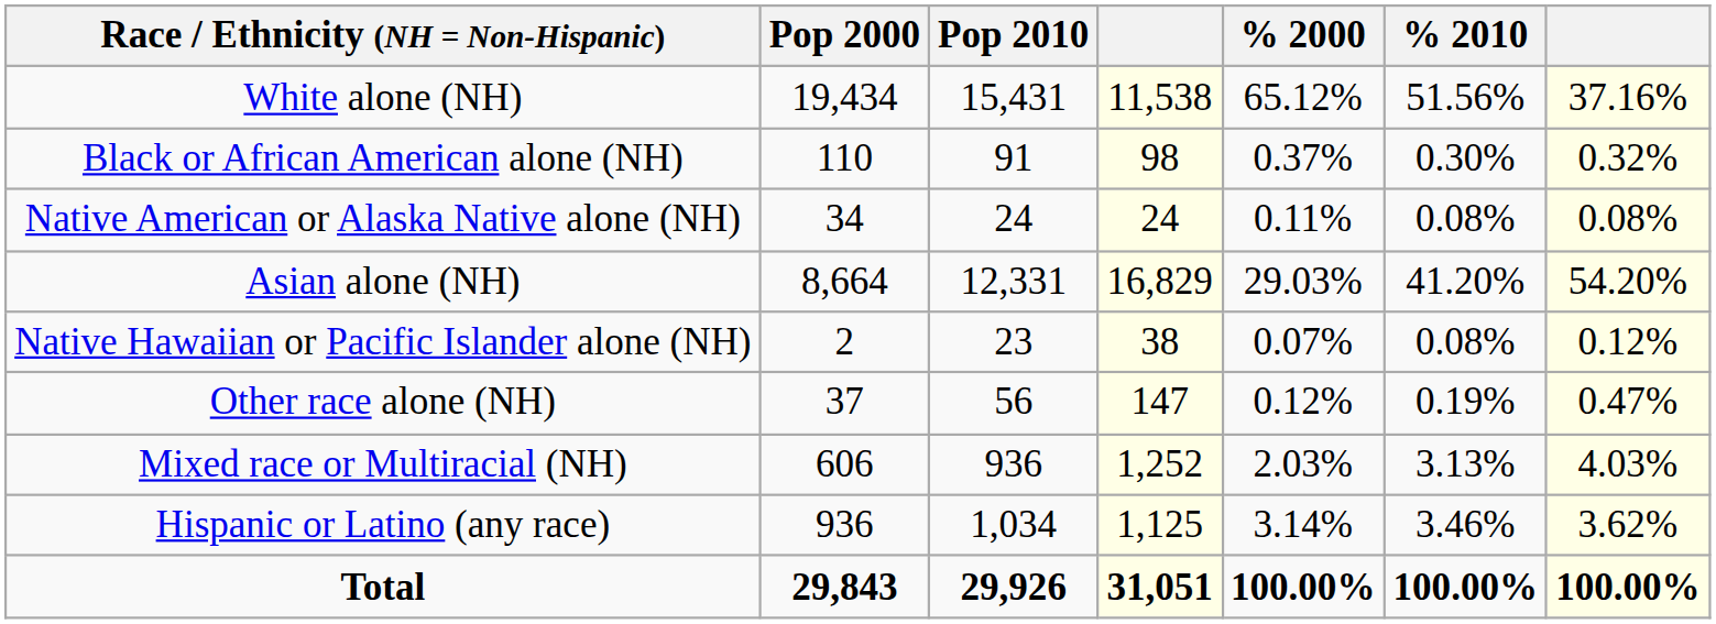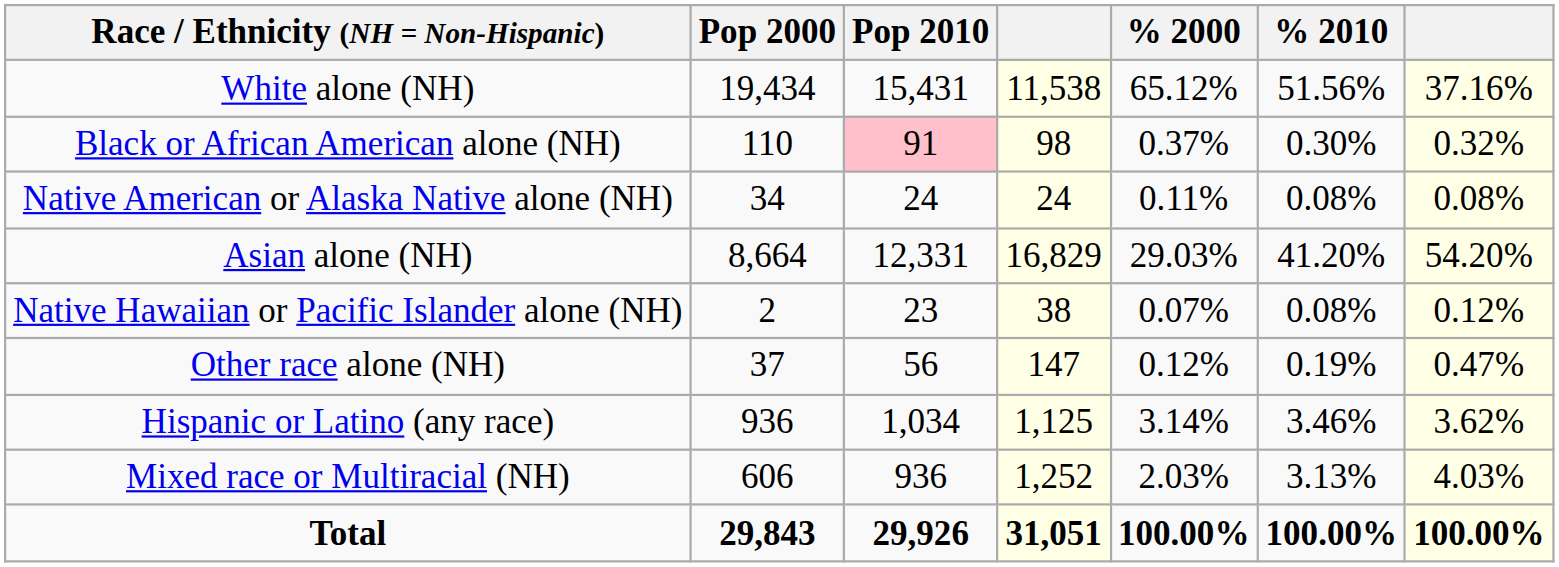 <table class="wikitable" style="text-align:center;">
 <tr>
 <th>Race / Ethnicity <small>(<em>NH = Non-Hispanic</em>)</small></th>
 <th>Pop 2000</th>
 <th>Pop 2010</th>
 <th></th>
 <th>% 2000</th>
 <th>% 2010</th>
 <th></th>
 </tr>
 <tr>
 <td><a href='#'>White</a> alone (NH)</td>
 <td>19,434</td>
 <td>15,431</td>
 <td style='background: #ffffe6;'>11,538</td>
 <td>65.12%</td>
 <td>51.56%</td>
 <td style='background: #ffffe6;'>37.16%</td>
 </tr>
 <tr>
 <td><a href='#'>Black or African American</a> alone (NH)</td>
 <td>110</td>
-<td>91</td>
+<td style="background: pink;">91</td>
 <td style='background: #ffffe6;'>98</td>
 <td>0.37%</td>
 <td>0.30%</td>
 <td style='background: #ffffe6;'>0.32%</td>
 </tr>
 <tr>
 <td><a href='#'>Native American</a> or <a href='#'>Alaska Native</a> alone (NH)</td>
 <td>34</td>
 <td>24</td>
 <td style='background: #ffffe6;'>24</td>
 <td>0.11%</td>
 <td>0.08%</td>
 <td style='background: #ffffe6;'>0.08%</td>
 </tr>
 <tr>
 <td><a href='#'>Asian</a> alone (NH)</td>
 <td>8,664</td>
 <td>12,331</td>
 <td style='background: #ffffe6;'>16,829</td>
 <td>29.03%</td>
 <td>41.20%</td>
 <td style='background: #ffffe6;'>54.20%</td>
 </tr>
 <tr>
 <td><a href='#'>Native Hawaiian</a> or <a href='#'>Pacific Islander</a> alone (NH)</td>
 <td>2</td>
 <td>23</td>
 <td style='background: #ffffe6;'>38</td>
 <td>0.07%</td>
 <td>0.08%</td>
 <td style='background: #ffffe6;'>0.12%</td>
 </tr>
 <tr>
 <td><a href='#'>Other race</a> alone (NH)</td>
 <td>37</td>
 <td>56</td>
 <td style='background: #ffffe6;'>147</td>
 <td>0.12%</td>
 <td>0.19%</td>
 <td style='background: #ffffe6;'>0.47%</td>
 </tr>
 <tr>
+<td><a href='#'>Hispanic or Latino</a> (any race)</td>
+<td>936</td>
+<td>1,034</td>
+<td style='background: #ffffe6;'>1,125</td>
+<td>3.14%</td>
+<td>3.46%</td>
+<td style='background: #ffffe6;'>3.62%</td>
+</tr>
+<tr>
 <td><a href='#'>Mixed race or Multiracial</a> (NH)</td>
 <td>606</td>
 <td>936</td>
 <td style='background: #ffffe6;'>1,252</td>
 <td>2.03%</td>
 <td>3.13%</td>
 <td style='background: #ffffe6;'>4.03%</td>
-</tr>
-<tr>
-<td><a href='#'>Hispanic or Latino</a> (any race)</td>
-<td>936</td>
-<td>1,034</td>
-<td style='background: #ffffe6;'>1,125</td>
-<td>3.14%</td>
-<td>3.46%</td>
-<td style='background: #ffffe6;'>3.62%</td>
 </tr>
 <tr>
 <td><strong>Total</strong></td>
 <td><strong>29,843</strong></td>
 <td><strong>29,926</strong></td>
 <td style='background: #ffffe6;'><strong>31,051</strong></td>
 <td><strong>100.00%</strong></td>
 <td><strong>100.00%</strong></td>
 <td style='background: #ffffe6;'><strong>100.00%</strong></td>
 </tr>
 </table>
